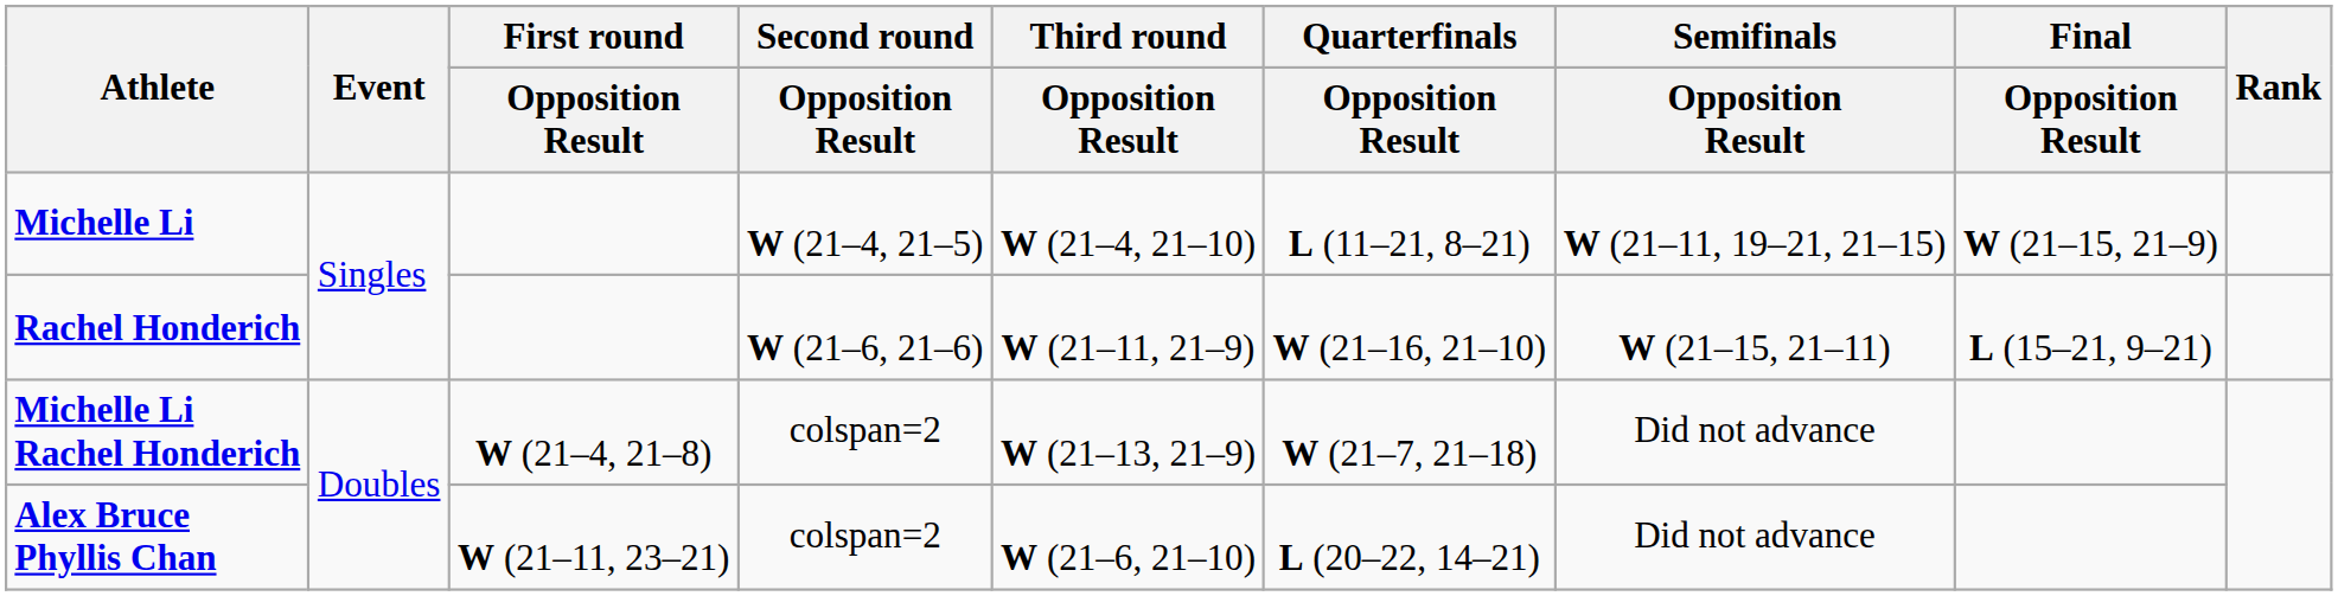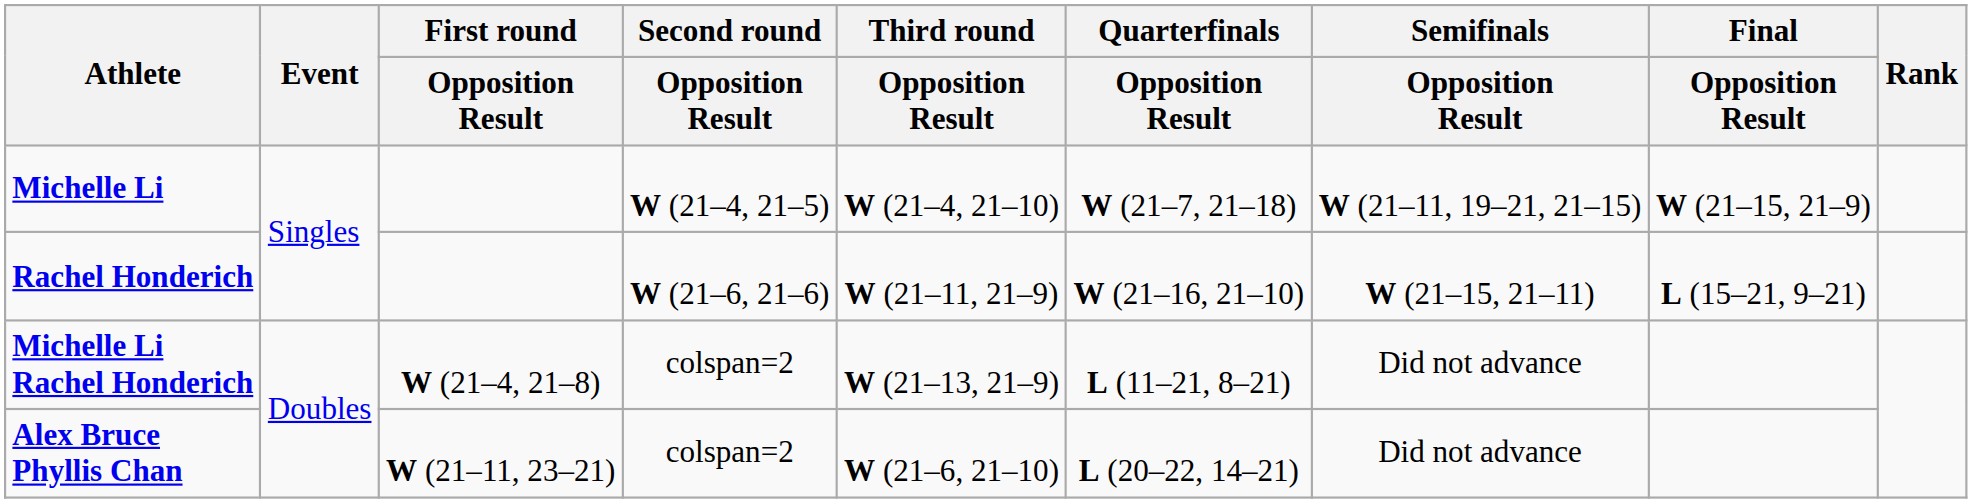 <table class="wikitable" style="font-size:90%">
 <tr>
 <th rowspan=2>Athlete</th>
 <th rowspan=2>Event</th>
 <th>First round</th>
 <th>Second round</th>
 <th>Third round</th>
 <th>Quarterfinals</th>
 <th>Semifinals</th>
 <th>Final</th>
 <th rowspan=2>Rank</th>
 </tr>
 <tr>
 <th>Opposition<br>Result</th>
 <th>Opposition<br>Result</th>
 <th>Opposition<br>Result</th>
 <th>Opposition<br>Result</th>
 <th>Opposition<br>Result</th>
 <th>Opposition<br>Result</th>
 </tr>
 <tr align=center>
 <td align=left><strong><a href='#'>Michelle Li</a></strong></td>
 <td rowspan=2 align=left><a href='#'>Singles</a></td>
 <td></td>
 <td><br><strong>W</strong> (21–4, 21–5)</td>
 <td><br><strong>W</strong> (21–4, 21–10)</td>
-<td><br><strong>L</strong> (11–21, 8–21)</td>
+<td><br><strong>W</strong> (21–7, 21–18)</td>
 <td><br><strong>W</strong> (21–11, 19–21, 21–15)</td>
 <td><br><strong>W</strong> (21–15, 21–9)</td>
 <td></td>
 </tr>
 <tr align=center>
 <td align=left><strong><a href='#'>Rachel Honderich</a></strong></td>
 <td></td>
 <td><br><strong>W</strong> (21–6, 21–6)</td>
 <td><br><strong>W</strong> (21–11, 21–9)</td>
 <td><br><strong>W</strong> (21–16, 21–10)</td>
 <td><br><strong>W</strong> (21–15, 21–11)</td>
 <td><br><strong>L</strong> (15–21, 9–21)</td>
 <td></td>
 </tr>
 <tr align=center>
 <td align=left><strong><a href='#'>Michelle Li</a><br><a href='#'>Rachel Honderich</a></strong></td>
 <td rowspan=2 align=left><a href='#'>Doubles</a></td>
 <td><br><strong>W</strong> (21–4, 21–8)</td>
 <td>colspan=2 </td>
 <td><br><strong>W</strong> (21–13, 21–9)</td>
-<td><br><strong>W</strong> (21–7, 21–18)</td>
+<td><br><strong>L</strong> (11–21, 8–21)</td>
 <td>Did not advance</td>
 <td></td>
 </tr>
 <tr align=center>
 <td align=left><strong><a href='#'>Alex Bruce</a><br><a href='#'>Phyllis Chan</a></strong></td>
 <td><br><strong>W</strong> (21–11, 23–21)</td>
 <td>colspan=2 </td>
 <td><br><strong>W</strong> (21–6, 21–10)</td>
 <td><br><strong>L</strong> (20–22, 14–21)</td>
 <td>Did not advance</td>
 <td></td>
 </tr>
 </table>
